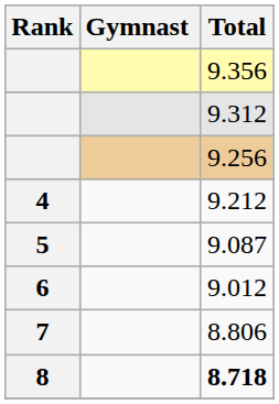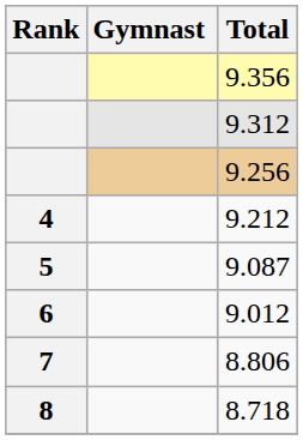 <table class="wikitable sortable" style="text-align:center; font-size:95%">
 <tr>
 <th scope=col>Rank</th>
 <th scope=col>Gymnast </th>
 <th scope=col>Total</th>
 </tr>
 <tr bgcolor=fffcaf>
 <th scope=row style="text-align:center"></th>
 <td align=left> </td>
 <td>9.356</td>
 </tr>
 <tr bgcolor=e5e5e5>
 <th scope=row style="text-align:center"></th>
 <td align=left> </td>
 <td>9.312</td>
 </tr>
 <tr bgcolor=eecc99>
 <th scope=row style="text-align:center"></th>
 <td align=left> </td>
 <td>9.256</td>
 </tr>
 <tr>
 <th scope=row style="text-align:center">4</th>
 <td align=left> </td>
 <td>9.212</td>
 </tr>
 <tr>
 <th scope=row style="text-align:center">5</th>
 <td align=left> </td>
 <td>9.087</td>
 </tr>
 <tr>
 <th scope=row style="text-align:center">6</th>
 <td align=left> </td>
 <td>9.012</td>
 </tr>
 <tr>
 <th scope=row style="text-align:center">7</th>
 <td align=left> </td>
 <td>8.806</td>
 </tr>
 <tr>
 <th scope=row style="text-align:center">8</th>
 <td align=left> </td>
-<td><strong>8.718</strong></td>
+<td>8.718</td>
 </tr>
 <tr>
 </tr>
 </table>
